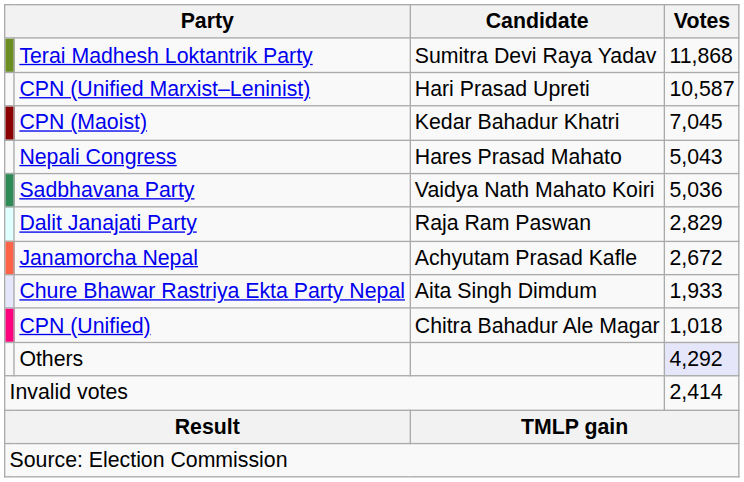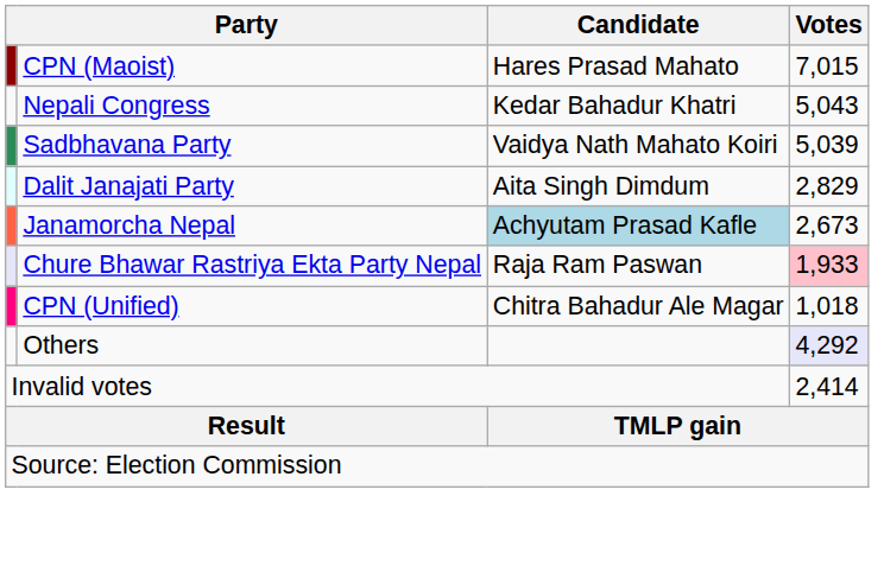 <table class="wikitable">
 <tr>
 <th colspan="2">Party</th>
 <th>Candidate</th>
 <th>Votes</th>
 </tr>
 <tr>
-<td style="background-color:olivedrab"></td>
-<td><a href='#'>Terai Madhesh Loktantrik Party</a></td>
-<td>Sumitra Devi Raya Yadav</td>
-<td>11,868</td>
-</tr>
-<tr>
-<td style="background-color:"></td>
-<td><a href='#'>CPN (Unified Marxist–Leninist)</a></td>
-<td>Hari Prasad Upreti</td>
-<td>10,587</td>
-</tr>
-<tr>
 <td style="background-color:darkred"></td>
 <td><a href='#'>CPN (Maoist)</a></td>
-<td>Kedar Bahadur Khatri</td>
-<td>7,045</td>
+<td>Hares Prasad Mahato</td>
+<td>7,015</td>
 </tr>
 <tr>
 <td style="background-color:"></td>
 <td><a href='#'>Nepali Congress</a></td>
-<td>Hares Prasad Mahato</td>
+<td>Kedar Bahadur Khatri</td>
 <td>5,043</td>
 </tr>
 <tr>
 <td style="background-color:seagreen"></td>
 <td><a href='#'>Sadbhavana Party</a></td>
 <td>Vaidya Nath Mahato Koiri</td>
-<td>5,036</td>
+<td>5,039</td>
 </tr>
 <tr>
 <td style="background-color:#e0ffff"></td>
 <td><a href='#'>Dalit Janajati Party</a></td>
-<td>Raja Ram Paswan</td>
+<td>Aita Singh Dimdum</td>
 <td>2,829</td>
 </tr>
 <tr>
 <td style="background-color:tomato"></td>
 <td><a href='#'>Janamorcha Nepal</a></td>
-<td>Achyutam Prasad Kafle</td>
-<td>2,672</td>
+<td style="background: lightblue;">Achyutam Prasad Kafle</td>
+<td>2,673</td>
 </tr>
 <tr>
 <td style="background-color:#e6e6fa"></td>
 <td><a href='#'>Chure Bhawar Rastriya Ekta Party Nepal</a></td>
-<td>Aita Singh Dimdum</td>
-<td>1,933</td>
+<td>Raja Ram Paswan</td>
+<td style="background: pink;">1,933</td>
 </tr>
 <tr>
 <td style="background-color:#ff007f"></td>
 <td><a href='#'>CPN (Unified)</a></td>
 <td>Chitra Bahadur Ale Magar</td>
 <td>1,018</td>
 </tr>
 <tr>
 <td></td>
 <td>Others</td>
 <td></td>
 <td style="background: lavender;">4,292</td>
 </tr>
 <tr>
 <td colspan="3">Invalid votes</td>
 <td>2,414</td>
 </tr>
 <tr>
 <th colspan="2">Result</th>
 <th colspan="2">TMLP gain</th>
 </tr>
 <tr>
 <td colspan="4">Source: Election Commission</td>
 </tr>
 </table>
